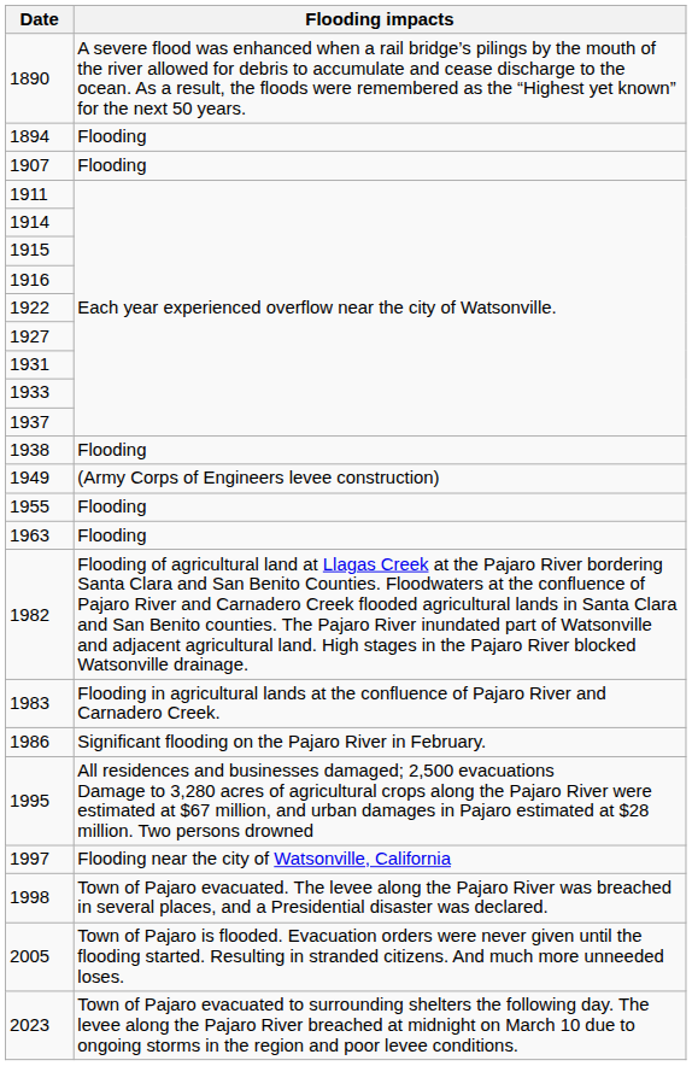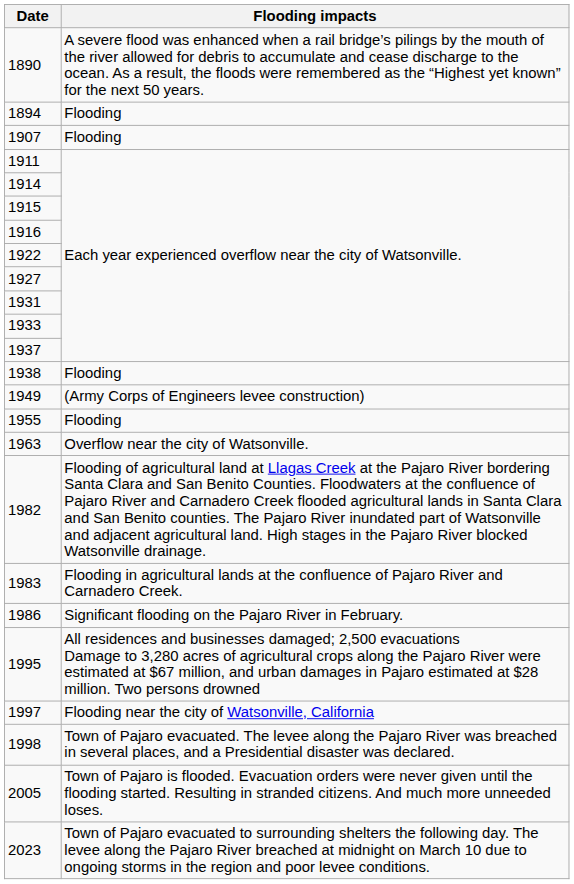 <table class="wikitable">
 <tr>
 <th scope="col" style="width: 10%">Date</th>
 <th>Flooding impacts</th>
 </tr>
 <tr>
 <td>1890</td>
 <td>A severe flood was enhanced when a rail bridge’s pilings by the mouth of the river allowed for debris to accumulate and cease discharge to the ocean. As a result, the floods were remembered as the “Highest yet known” for the next 50 years.</td>
 </tr>
 <tr>
 <td>1894</td>
 <td>Flooding</td>
 </tr>
 <tr>
 <td>1907</td>
 <td>Flooding</td>
 </tr>
 <tr>
 <td>1911</td>
 <td rowspan="9">Each year experienced overflow near the city of Watsonville.</td>
 </tr>
 <tr>
 <td>1914</td>
 </tr>
 <tr>
 <td>1915</td>
 </tr>
 <tr>
 <td>1916</td>
 </tr>
 <tr>
 <td>1922</td>
 </tr>
 <tr>
 <td>1927</td>
 </tr>
 <tr>
 <td>1931</td>
 </tr>
 <tr>
 <td>1933</td>
 </tr>
 <tr>
 <td>1937</td>
 </tr>
 <tr>
 <td>1938</td>
 <td>Flooding</td>
 </tr>
 <tr>
 <td>1949</td>
 <td>(Army Corps of Engineers levee construction)</td>
 </tr>
 <tr>
 <td>1955</td>
 <td>Flooding</td>
 </tr>
 <tr>
 <td>1963</td>
-<td>Flooding</td>
+<td>Overflow near the city of Watsonville.</td>
 </tr>
 <tr>
 <td>1982</td>
 <td>Flooding of agricultural land at <a href='#'>Llagas Creek</a> at the Pajaro River bordering Santa Clara and San Benito Counties.  Floodwaters at the confluence of Pajaro River and Carnadero Creek flooded agricultural lands in Santa Clara and San Benito counties. The Pajaro River inundated part of Watsonville and adjacent agricultural land. High stages in the Pajaro River blocked Watsonville drainage.</td>
 </tr>
 <tr>
 <td>1983</td>
 <td>Flooding in agricultural lands at the confluence of Pajaro River and Carnadero Creek.</td>
 </tr>
 <tr>
 <td>1986</td>
 <td>Significant flooding on the Pajaro River in February.</td>
 </tr>
 <tr>
 <td>1995</td>
 <td>All residences and businesses damaged; 2,500 evacuations<br>Damage to 3,280 acres of agricultural crops along the Pajaro River were estimated at $67 million, and urban damages in Pajaro estimated at $28 million. Two persons drowned</td>
 </tr>
 <tr>
 <td>1997</td>
 <td>Flooding near the city of <a href='#'>Watsonville, California</a></td>
 </tr>
 <tr>
 <td>1998</td>
 <td>Town of Pajaro evacuated. The levee along the Pajaro River was breached in several places, and a Presidential disaster was declared.</td>
 </tr>
 <tr>
 <td>2005</td>
 <td>Town of Pajaro is flooded. Evacuation orders were never given until the flooding started. Resulting in stranded citizens. And much more unneeded loses.</td>
 </tr>
 <tr>
 <td>2023</td>
 <td>Town of Pajaro evacuated to surrounding shelters the following day. The levee along the Pajaro River breached at midnight on March 10 due to ongoing storms in the region and poor levee conditions.</td>
 </tr>
 </table>
